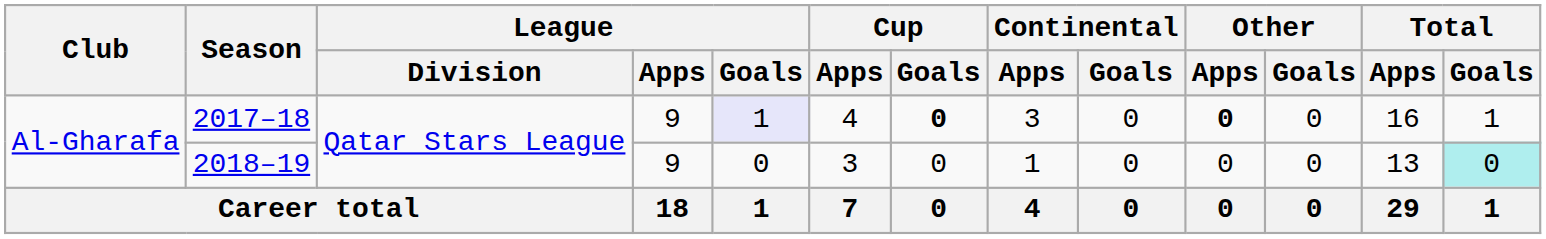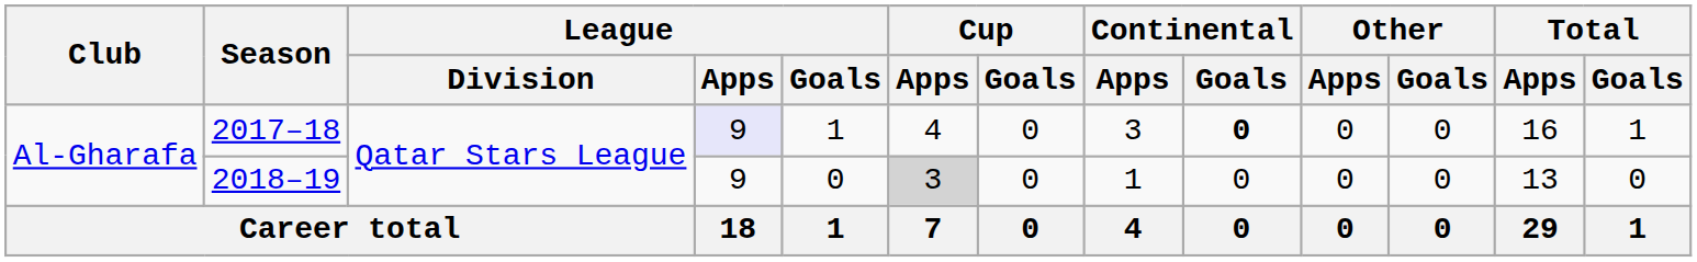 <table class="wikitable" style="text-align: center">
 <tr>
 <th rowspan="2">Club</th>
 <th rowspan="2">Season</th>
 <th colspan="3">League</th>
 <th colspan="2">Cup</th>
 <th colspan="2">Continental</th>
 <th colspan="2">Other</th>
 <th colspan="2">Total</th>
 </tr>
 <tr>
 <th>Division</th>
 <th>Apps</th>
 <th>Goals</th>
 <th>Apps</th>
 <th>Goals</th>
 <th>Apps</th>
 <th>Goals</th>
 <th>Apps</th>
 <th>Goals</th>
 <th>Apps</th>
 <th>Goals</th>
 </tr>
 <tr>
 <td rowspan="2"><a href='#'>Al-Gharafa</a></td>
 <td><a href='#'>2017–18</a></td>
 <td rowspan="2"><a href='#'>Qatar Stars League</a></td>
-<td>9</td>
-<td style="background: lavender;">1</td>
+<td style="background: lavender;">9</td>
+<td>1</td>
 <td>4</td>
+<td>0</td>
+<td>3</td>
 <td><strong>0</strong></td>
-<td>3</td>
 <td>0</td>
-<td><strong>0</strong></td>
 <td>0</td>
 <td>16</td>
 <td>1</td>
 </tr>
 <tr>
 <td><a href='#'>2018–19</a></td>
 <td>9</td>
 <td>0</td>
-<td>3</td>
+<td style="background: lightgrey;">3</td>
 <td>0</td>
 <td>1</td>
 <td>0</td>
 <td>0</td>
 <td>0</td>
 <td>13</td>
-<td style="background: paleturquoise;">0</td>
+<td>0</td>
 </tr>
 <tr>
 <th colspan=3>Career total</th>
 <th>18</th>
 <th>1</th>
 <th>7</th>
 <th>0</th>
 <th>4</th>
 <th>0</th>
 <th>0</th>
 <th>0</th>
 <th>29</th>
 <th>1</th>
 </tr>
 </table>
